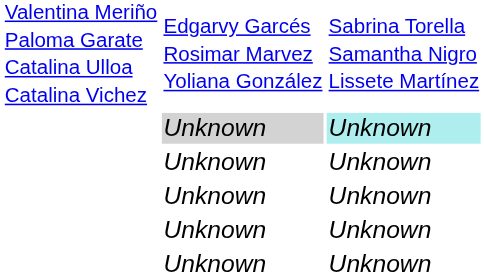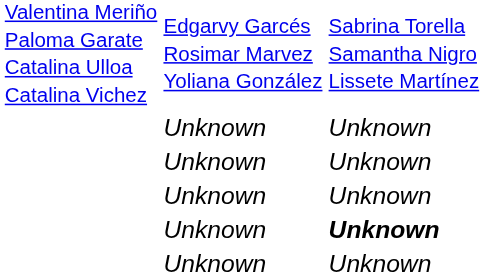 <table>
 <tr style="vertical-align:top;" style="background:#dfdfdf;">
 </tr>
 <tr style="vertical-align:center;">
 <th scope=row style="text-align:left"></th>
 <td><br><small><a href='#'>Valentina Meriño</a><br><a href='#'>Paloma Garate</a><br><a href='#'>Catalina Ulloa</a><br><a href='#'>Catalina Vichez</a></small></td>
 <td><br><small><a href='#'>Edgarvy Garcés</a><br><a href='#'>Rosimar Marvez</a><br><a href='#'>Yoliana González</a></small></td>
 <td><br><small><a href='#'>Sabrina Torella</a><br><a href='#'>Samantha Nigro</a><br><a href='#'>Lissete Martínez</a></small></td>
-</tr>
-<tr style="vertical-align:top;">
-<th scope=row style="text-align:left"></th>
-<td></td>
-<td style="background: lightgrey;"><em>Unknown</em></td>
-<td style="background: paleturquoise;"><em>Unknown</em></td>
 </tr>
 <tr style="vertical-align:top;">
 <th scope=row style="text-align:left"></th>
 <td></td>
 <td><em>Unknown</em></td>
 <td><em>Unknown</em></td>
 </tr>
 <tr style="vertical-align:top;">
 <th scope=row style="text-align:left"></th>
 <td></td>
 <td><em>Unknown</em></td>
 <td><em>Unknown</em></td>
 </tr>
 <tr style="vertical-align:top;">
 <th scope=row style="text-align:left"></th>
 <td></td>
 <td><em>Unknown</em></td>
 <td><em>Unknown</em></td>
 </tr>
 <tr style="vertical-align:top;">
 <th scope=row style="text-align:left"></th>
 <td></td>
 <td><em>Unknown</em></td>
+<td><strong><em>Unknown</em></strong></td>
+</tr>
+<tr style="vertical-align:top;">
+<th scope=row style="text-align:left"></th>
+<td></td>
+<td><em>Unknown</em></td>
 <td><em>Unknown</em></td>
 </tr>
 </table>
